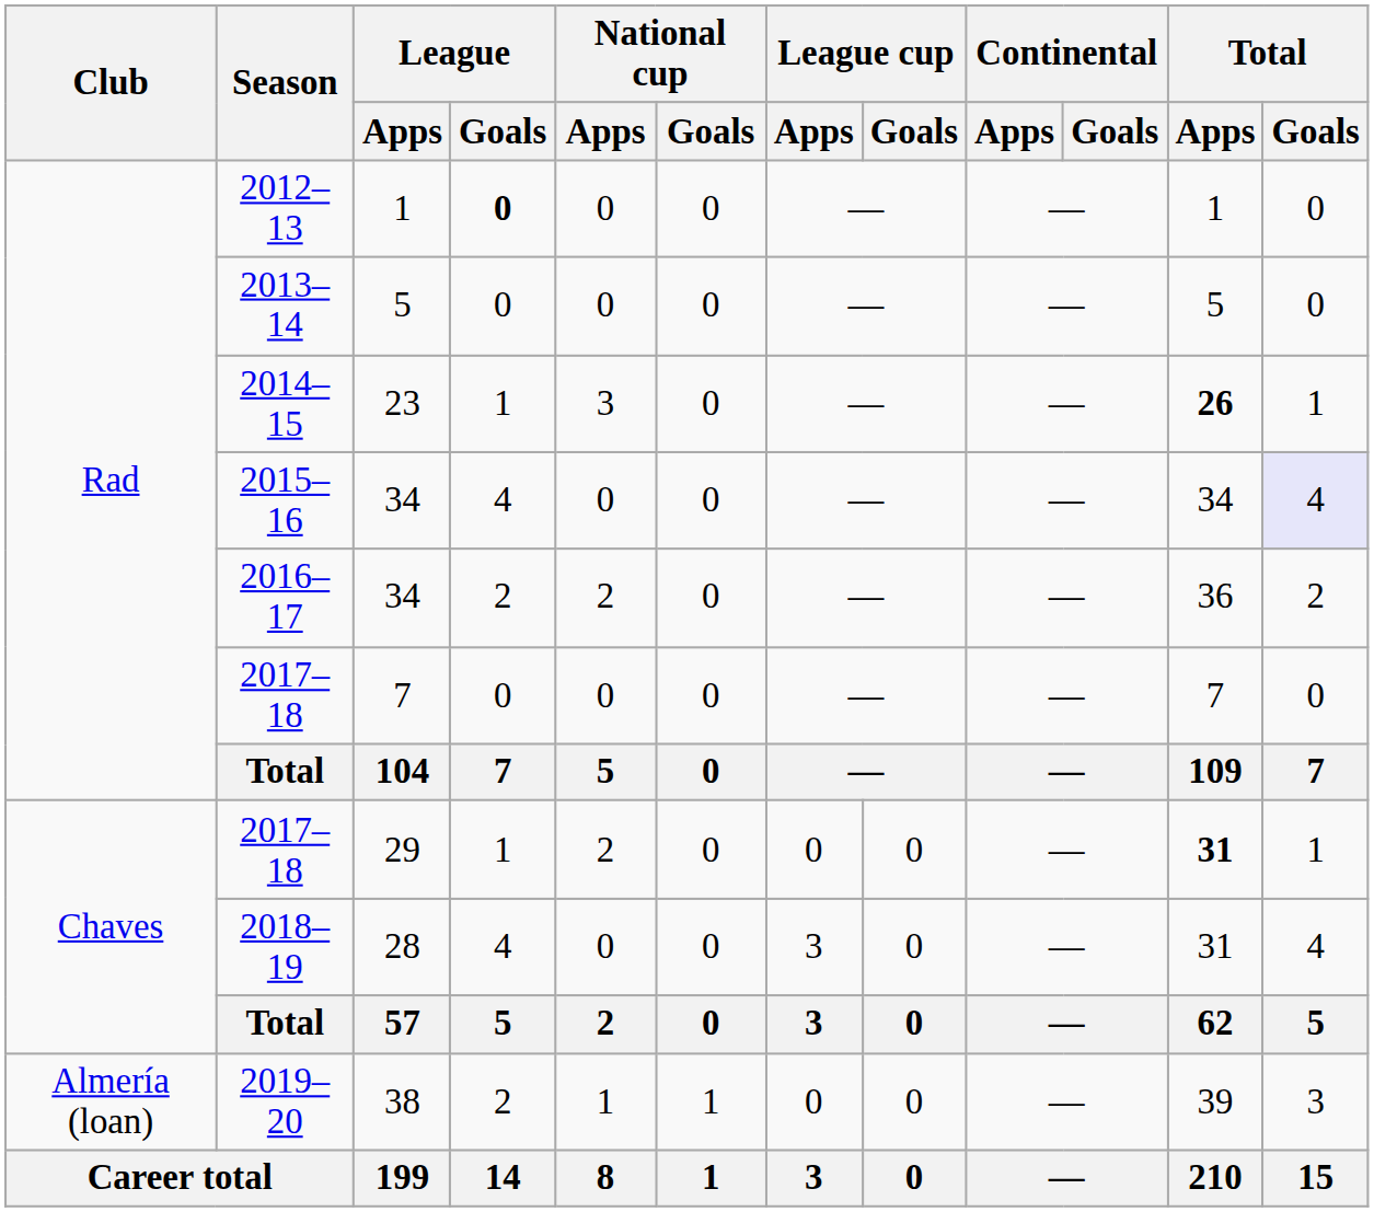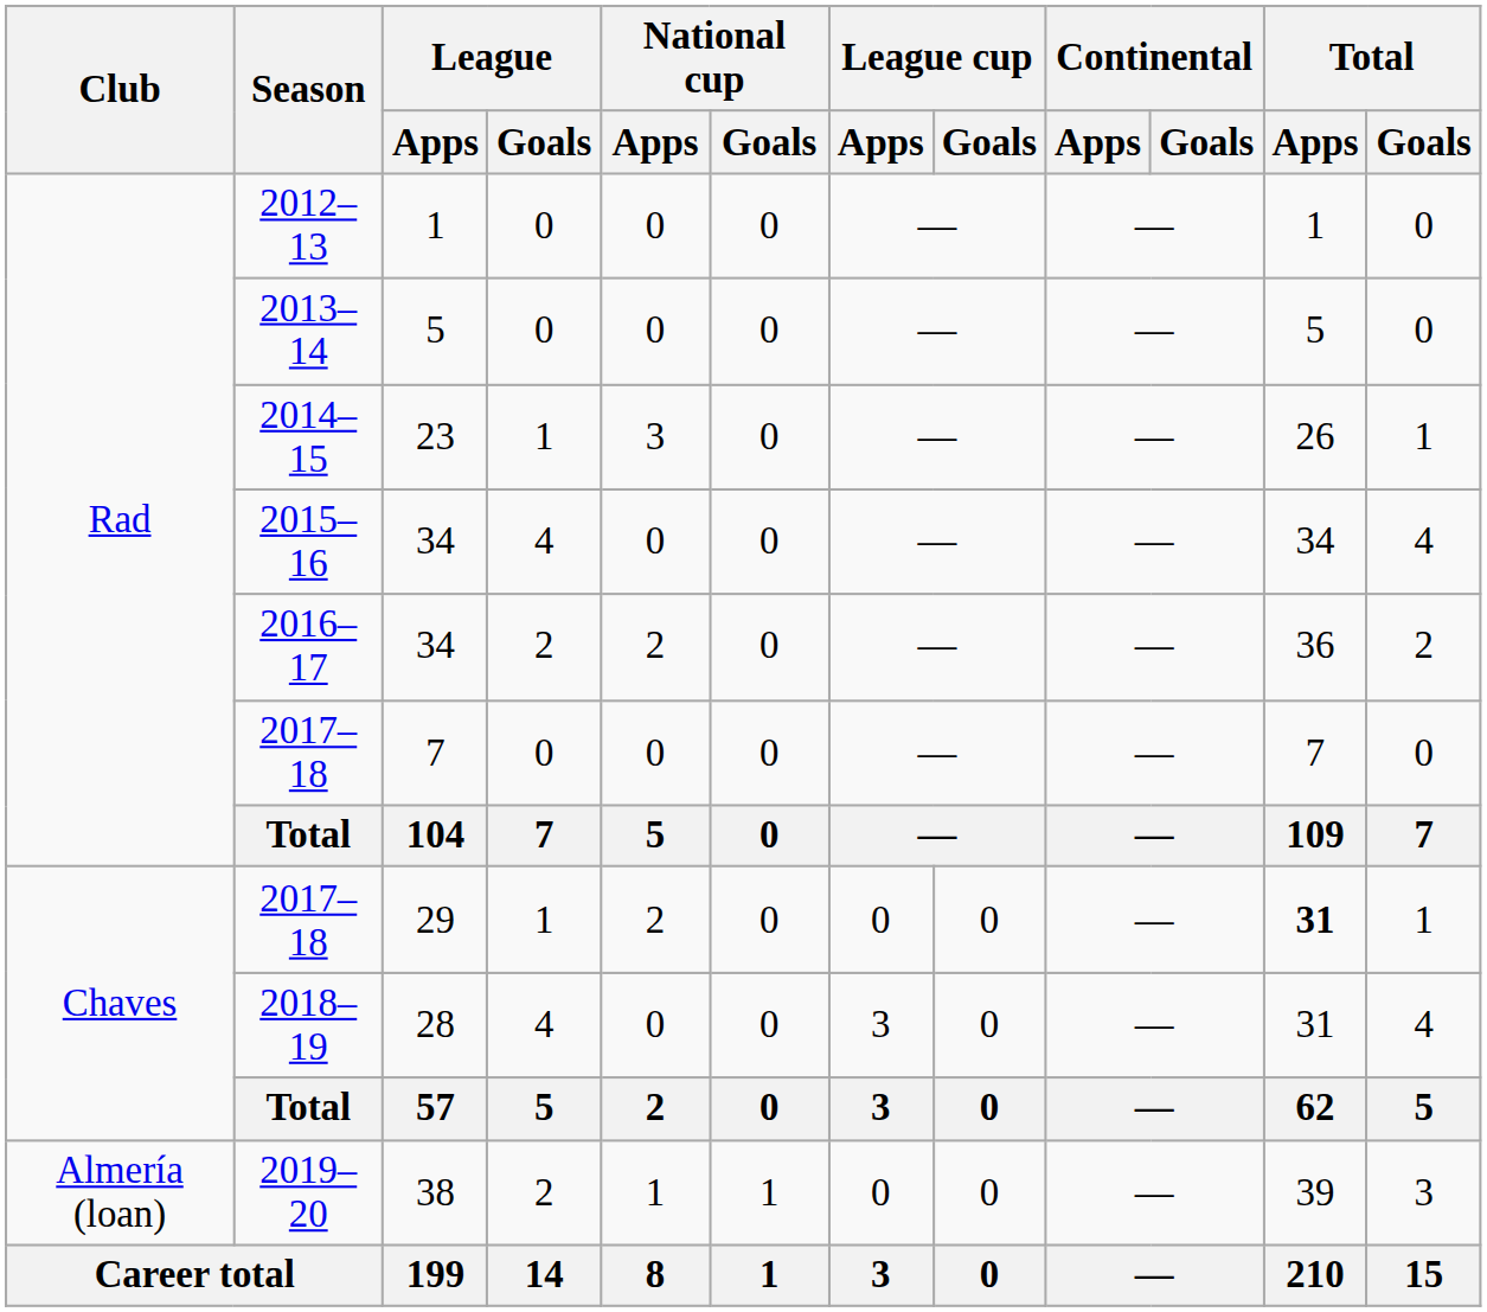 <table class="wikitable" style="text-align:center">
 <tr>
 <th rowspan="2">Club</th>
 <th rowspan="2">Season</th>
 <th colspan="2">League</th>
 <th colspan="2">National cup</th>
 <th colspan="2">League cup</th>
 <th colspan="2">Continental</th>
 <th colspan="2">Total</th>
 </tr>
 <tr>
 <th>Apps</th>
 <th>Goals</th>
 <th>Apps</th>
 <th>Goals</th>
 <th>Apps</th>
 <th>Goals</th>
 <th>Apps</th>
 <th>Goals</th>
 <th>Apps</th>
 <th>Goals</th>
 </tr>
 <tr>
 <td rowspan="7"><a href='#'>Rad</a></td>
 <td><a href='#'>2012–13</a></td>
 <td>1</td>
-<td><strong>0</strong></td>
+<td>0</td>
 <td>0</td>
 <td>0</td>
 <td colspan="2">—</td>
 <td colspan="2">—</td>
 <td>1</td>
 <td>0</td>
 </tr>
 <tr>
 <td><a href='#'>2013–14</a></td>
 <td>5</td>
 <td>0</td>
 <td>0</td>
 <td>0</td>
 <td colspan="2">—</td>
 <td colspan="2">—</td>
 <td>5</td>
 <td>0</td>
 </tr>
 <tr>
 <td><a href='#'>2014–15</a></td>
 <td>23</td>
 <td>1</td>
 <td>3</td>
 <td>0</td>
 <td colspan="2">—</td>
 <td colspan="2">—</td>
-<td><strong>26</strong></td>
+<td>26</td>
 <td>1</td>
 </tr>
 <tr>
 <td><a href='#'>2015–16</a></td>
 <td>34</td>
 <td>4</td>
 <td>0</td>
 <td>0</td>
 <td colspan="2">—</td>
 <td colspan="2">—</td>
 <td>34</td>
-<td style="background: lavender;">4</td>
+<td>4</td>
 </tr>
 <tr>
 <td><a href='#'>2016–17</a></td>
 <td>34</td>
 <td>2</td>
 <td>2</td>
 <td>0</td>
 <td colspan="2">—</td>
 <td colspan="2">—</td>
 <td>36</td>
 <td>2</td>
 </tr>
 <tr>
 <td><a href='#'>2017–18</a></td>
 <td>7</td>
 <td>0</td>
 <td>0</td>
 <td>0</td>
 <td colspan="2">—</td>
 <td colspan="2">—</td>
 <td>7</td>
 <td>0</td>
 </tr>
 <tr>
 <th>Total</th>
 <th>104</th>
 <th>7</th>
 <th>5</th>
 <th>0</th>
 <th colspan="2">—</th>
 <th colspan="2">—</th>
 <th>109</th>
 <th>7</th>
 </tr>
 <tr>
 <td rowspan="3"><a href='#'>Chaves</a></td>
 <td><a href='#'>2017–18</a></td>
 <td>29</td>
 <td>1</td>
 <td>2</td>
 <td>0</td>
 <td>0</td>
 <td>0</td>
 <td colspan="2">—</td>
 <td><strong>31</strong></td>
 <td>1</td>
 </tr>
 <tr>
 <td><a href='#'>2018–19</a></td>
 <td>28</td>
 <td>4</td>
 <td>0</td>
 <td>0</td>
 <td>3</td>
 <td>0</td>
 <td colspan="2">—</td>
 <td>31</td>
 <td>4</td>
 </tr>
 <tr>
 <th>Total</th>
 <th>57</th>
 <th>5</th>
 <th>2</th>
 <th>0</th>
 <th>3</th>
 <th>0</th>
 <th colspan="2">—</th>
 <th>62</th>
 <th>5</th>
 </tr>
 <tr>
 <td><a href='#'>Almería</a> (loan)</td>
 <td><a href='#'>2019–20</a></td>
 <td>38</td>
 <td>2</td>
 <td>1</td>
 <td>1</td>
 <td>0</td>
 <td>0</td>
 <td colspan="2">—</td>
 <td>39</td>
 <td>3</td>
 </tr>
 <tr>
 <th colspan="2">Career total</th>
 <th>199</th>
 <th>14</th>
 <th>8</th>
 <th>1</th>
 <th>3</th>
 <th>0</th>
 <th colspan="2">—</th>
 <th>210</th>
 <th>15</th>
 </tr>
 </table>
